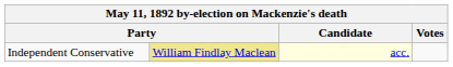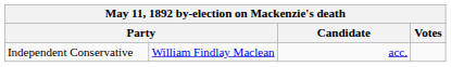 <table class="wikitable">
 <tr>
 <th colspan="6">May 11, 1892 by-election on Mackenzie's death</th>
 </tr>
 <tr>
 <th colspan="2" style="width: 200px">Party</th>
 <th style="width: 170px">Candidate</th>
 <th style="width: 40px">Votes</th>
 </tr>
 <tr>
 <td style="width: 185px">Independent Conservative</td>
-<td style="background: khaki;"><a href='#'>William Findlay Maclean</a></td>
-<td align="right" style="background: lightyellow;"><a href='#'>acc.</a></td>
+<td><a href='#'>William Findlay Maclean</a></td>
+<td align="right"><a href='#'>acc.</a></td>
 </tr>
 </table>
